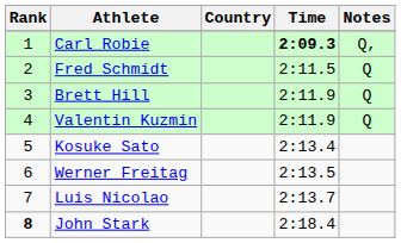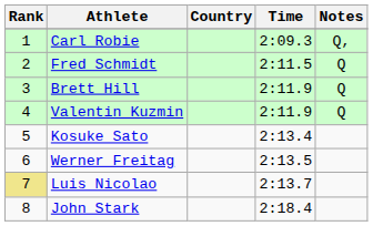 <table class="wikitable sortable" style="text-align:center">
 <tr>
 <th>Rank</th>
 <th>Athlete</th>
 <th>Country</th>
 <th>Time</th>
 <th>Notes</th>
 </tr>
 <tr>
 </tr>
 <tr bgcolor=#CCFFCC>
 <td>1</td>
 <td align=left><a href='#'>Carl Robie</a></td>
 <td align=left></td>
-<td><strong>2:09.3</strong></td>
+<td>2:09.3</td>
 <td>Q, </td>
 </tr>
 <tr bgcolor=#CCFFCC>
 <td>2</td>
 <td align=left><a href='#'>Fred Schmidt</a></td>
 <td align=left></td>
 <td>2:11.5</td>
 <td>Q</td>
 </tr>
 <tr bgcolor=#CCFFCC>
 <td>3</td>
 <td align=left><a href='#'>Brett Hill</a></td>
 <td align=left></td>
 <td>2:11.9</td>
 <td>Q</td>
 </tr>
 <tr bgcolor=#CCFFCC>
 <td>4</td>
 <td align=left><a href='#'>Valentin Kuzmin</a></td>
 <td align=left></td>
 <td>2:11.9</td>
 <td>Q</td>
 </tr>
 <tr>
 <td>5</td>
 <td align=left><a href='#'>Kosuke Sato</a></td>
 <td align=left></td>
 <td>2:13.4</td>
 <td></td>
 </tr>
 <tr>
 <td>6</td>
 <td align=left><a href='#'>Werner Freitag</a></td>
 <td align=left></td>
 <td>2:13.5</td>
 <td></td>
 </tr>
 <tr>
-<td>7</td>
+<td style="background: khaki;">7</td>
 <td align=left><a href='#'>Luis Nicolao</a></td>
 <td align=left></td>
 <td>2:13.7</td>
 <td></td>
 </tr>
 <tr>
-<td><strong>8</strong></td>
+<td>8</td>
 <td align=left><a href='#'>John Stark</a></td>
 <td align=left></td>
 <td>2:18.4</td>
 <td></td>
 </tr>
 </table>
